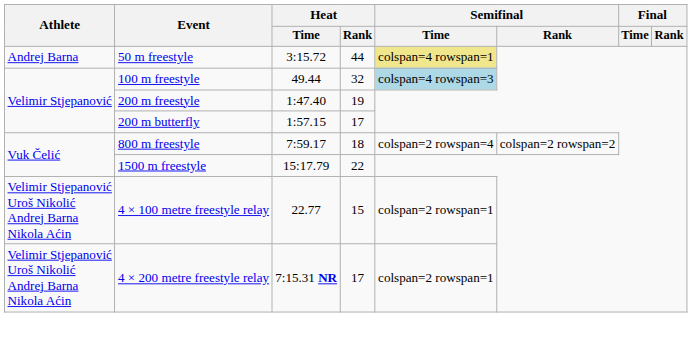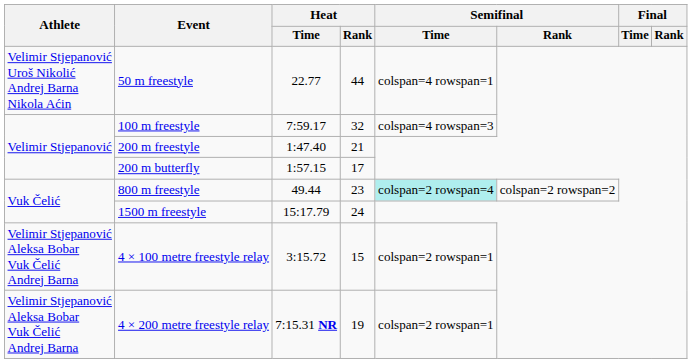 <table class="wikitable" style="font-size:90%;">
 <tr>
 <th rowspan="2">Athlete</th>
 <th rowspan="2">Event</th>
 <th colspan="2">Heat</th>
 <th colspan="2">Semifinal</th>
 <th colspan="2">Final</th>
 </tr>
 <tr style="font-size:95%">
 <th>Time</th>
 <th>Rank</th>
 <th>Time</th>
 <th>Rank</th>
 <th>Time</th>
 <th>Rank</th>
 </tr>
 <tr align=center>
-<td align=left><a href='#'>Andrej Barna</a></td>
+<td align=left><a href='#'>Velimir Stjepanović</a><br><a href='#'>Uroš Nikolić</a><br><a href='#'>Andrej Barna</a><br><a href='#'>Nikola Aćin</a></td>
 <td align=left><a href='#'>50 m freestyle</a></td>
-<td>3:15.72</td>
+<td>22.77</td>
 <td>44</td>
-<td style="background: khaki;">colspan=4 rowspan=1 </td>
+<td>colspan=4 rowspan=1 </td>
 </tr>
 <tr align=center>
 <td align=left rowspan=3><a href='#'>Velimir Stjepanović</a></td>
 <td align=left><a href='#'>100 m freestyle</a></td>
-<td>49.44</td>
+<td>7:59.17</td>
 <td>32</td>
-<td style="background: lightblue;">colspan=4 rowspan=3 </td>
+<td>colspan=4 rowspan=3 </td>
 </tr>
 <tr align=center>
 <td align=left><a href='#'>200 m freestyle</a></td>
 <td>1:47.40</td>
-<td>19</td>
+<td>21</td>
 </tr>
 <tr align=center>
 <td align=left><a href='#'>200 m butterfly</a></td>
 <td>1:57.15</td>
 <td>17</td>
 </tr>
 <tr align=center>
 <td align=left rowspan=2><a href='#'>Vuk Čelić</a></td>
 <td align=left><a href='#'>800 m freestyle</a></td>
-<td>7:59.17</td>
-<td>18</td>
-<td>colspan=2 rowspan=4</td>
+<td>49.44</td>
+<td>23</td>
+<td style="background: paleturquoise;">colspan=2 rowspan=4</td>
 <td>colspan=2 rowspan=2</td>
 </tr>
 <tr align=center>
 <td align=left><a href='#'>1500 m freestyle</a></td>
 <td>15:17.79</td>
-<td>22</td>
+<td>24</td>
 </tr>
 <tr align=center>
-<td align=left><a href='#'>Velimir Stjepanović</a><br><a href='#'>Uroš Nikolić</a><br><a href='#'>Andrej Barna</a><br><a href='#'>Nikola Aćin</a></td>
+<td align=left><a href='#'>Velimir Stjepanović</a><br><a href='#'>Aleksa Bobar</a><br><a href='#'>Vuk Čelić</a><br><a href='#'>Andrej Barna</a></td>
 <td align=left><a href='#'>4 × 100 metre freestyle relay</a></td>
-<td>22.77</td>
+<td>3:15.72</td>
 <td>15</td>
 <td>colspan=2 rowspan=1</td>
 </tr>
 <tr align=center>
-<td align=left><a href='#'>Velimir Stjepanović</a><br><a href='#'>Uroš Nikolić</a><br><a href='#'>Andrej Barna</a><br><a href='#'>Nikola Aćin</a></td>
+<td align=left><a href='#'>Velimir Stjepanović</a><br><a href='#'>Aleksa Bobar</a><br><a href='#'>Vuk Čelić</a><br><a href='#'>Andrej Barna</a></td>
 <td align=left><a href='#'>4 × 200 metre freestyle relay</a></td>
 <td>7:15.31 <strong><a href='#'>NR</a></strong></td>
-<td>17</td>
+<td>19</td>
 <td>colspan=2 rowspan=1</td>
 </tr>
 </table>
